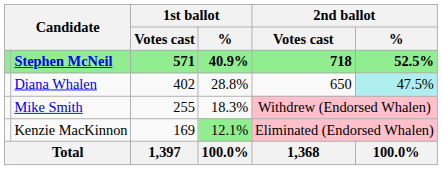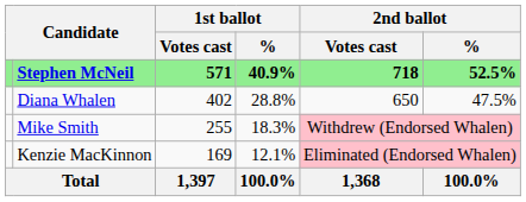 <table class="wikitable">
 <tr>
 <th rowspan="2" colspan="2">Candidate</th>
 <th colspan="2">1st ballot</th>
 <th colspan="2">2nd ballot</th>
 </tr>
 <tr>
 <th>Votes cast</th>
 <th>%</th>
 <th>Votes cast</th>
 <th>%</th>
 </tr>
 <tr style="background:lightgreen;">
 <td></td>
 <td><strong><a href='#'>Stephen McNeil</a></strong></td>
 <td align="right"><strong>571</strong></td>
 <td align="right"><strong>40.9%</strong></td>
 <td align="right"><strong>718</strong></td>
 <td align="right"><strong>52.5%</strong></td>
 </tr>
 <tr>
 <td></td>
 <td><a href='#'>Diana Whalen</a></td>
 <td align="right">402</td>
 <td align="right">28.8%</td>
 <td align="right">650</td>
-<td align="right" style="background: paleturquoise;">47.5%</td>
+<td align="right">47.5%</td>
 </tr>
 <tr>
 <td></td>
 <td><a href='#'>Mike Smith</a></td>
 <td align="right">255</td>
 <td align="right">18.3%</td>
 <td style="text-align:center; background:pink;" colspan="2">Withdrew (Endorsed Whalen)</td>
 </tr>
 <tr>
 <td></td>
 <td>Kenzie MacKinnon</td>
 <td align="right">169</td>
-<td align="right" style="background: lightgreen;">12.1%</td>
+<td align="right">12.1%</td>
 <td style="text-align:center; background:pink;" colspan="2">Eliminated (Endorsed Whalen)</td>
 </tr>
 <tr>
 <th colspan="2">Total</th>
 <th align="right">1,397</th>
 <th align="right">100.0%</th>
 <th align="right">1,368</th>
 <th align="right">100.0%</th>
 </tr>
 </table>
